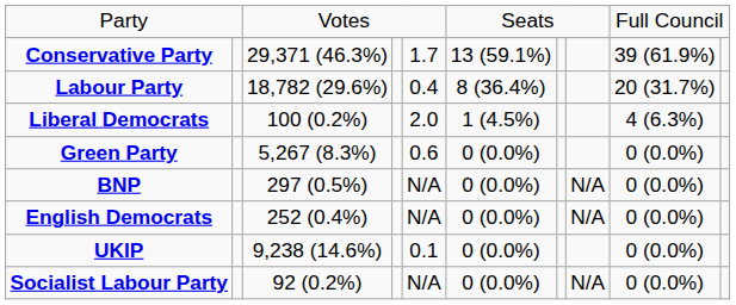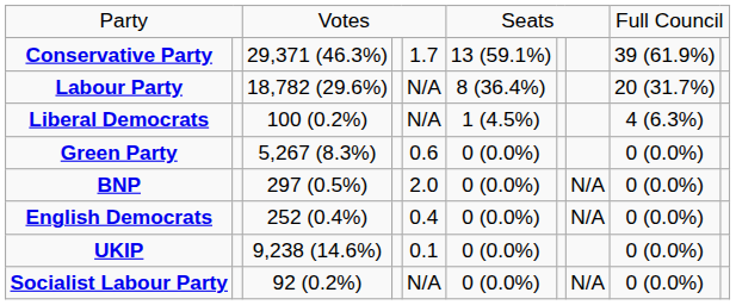 <table class=wikitable style="text-align:center;">
 <tr>
 <td colspan=2>Party</td>
 <td colspan=3>Votes</td>
 <td colspan=3>Seats</td>
 <td colspan=3>Full Council</td>
 </tr>
 <tr>
 <td><strong><a href='#'>Conservative Party</a></strong></td>
 <td style="background:"></td>
 <td>29,371 (46.3%)</td>
 <td></td>
 <td> 1.7</td>
 <td>13 (59.1%)</td>
 <td></td>
 <td></td>
 <td>39 (61.9%)</td>
 <td></td>
 </tr>
 <tr>
 <td><strong><a href='#'>Labour Party</a></strong></td>
 <td style="background:"></td>
 <td>18,782 (29.6%)</td>
 <td></td>
-<td> 0.4</td>
+<td>N/A</td>
 <td>8 (36.4%)</td>
 <td></td>
 <td></td>
 <td>20 (31.7%)</td>
 <td></td>
 </tr>
 <tr>
 <td><strong><a href='#'>Liberal Democrats</a></strong></td>
 <td style="background:"></td>
 <td>100 (0.2%)</td>
 <td></td>
-<td> 2.0</td>
+<td>N/A</td>
 <td>1 (4.5%)</td>
 <td></td>
 <td></td>
 <td>4 (6.3%)</td>
 <td></td>
 </tr>
 <tr>
 <td><strong><a href='#'>Green Party</a></strong></td>
 <td style="background:"></td>
 <td>5,267 (8.3%)</td>
 <td></td>
 <td> 0.6</td>
 <td>0 (0.0%)</td>
 <td></td>
 <td></td>
 <td>0 (0.0%)</td>
 <td></td>
 </tr>
 <tr>
 <td><strong><a href='#'>BNP</a></strong></td>
 <td style="background:"></td>
 <td>297 (0.5%)</td>
 <td></td>
-<td>N/A</td>
+<td> 2.0</td>
 <td>0 (0.0%)</td>
 <td></td>
 <td>N/A</td>
 <td>0 (0.0%)</td>
 <td></td>
 </tr>
 <tr>
 <td><strong><a href='#'>English Democrats</a></strong></td>
 <td style="background:"></td>
 <td>252 (0.4%)</td>
 <td></td>
-<td>N/A</td>
+<td> 0.4</td>
 <td>0 (0.0%)</td>
 <td></td>
 <td>N/A</td>
 <td>0 (0.0%)</td>
 <td></td>
 </tr>
 <tr>
 <td><strong><a href='#'>UKIP</a></strong></td>
 <td style="background:"></td>
 <td>9,238 (14.6%)</td>
 <td></td>
 <td> 0.1</td>
 <td>0 (0.0%)</td>
 <td></td>
 <td></td>
 <td>0 (0.0%)</td>
 <td></td>
 </tr>
 <tr>
 <td><strong><a href='#'>Socialist Labour Party</a></strong></td>
 <td style="background:"></td>
 <td>92 (0.2%)</td>
 <td></td>
 <td>N/A</td>
 <td>0 (0.0%)</td>
 <td></td>
 <td>N/A</td>
 <td>0 (0.0%)</td>
 <td></td>
 </tr>
 </table>
